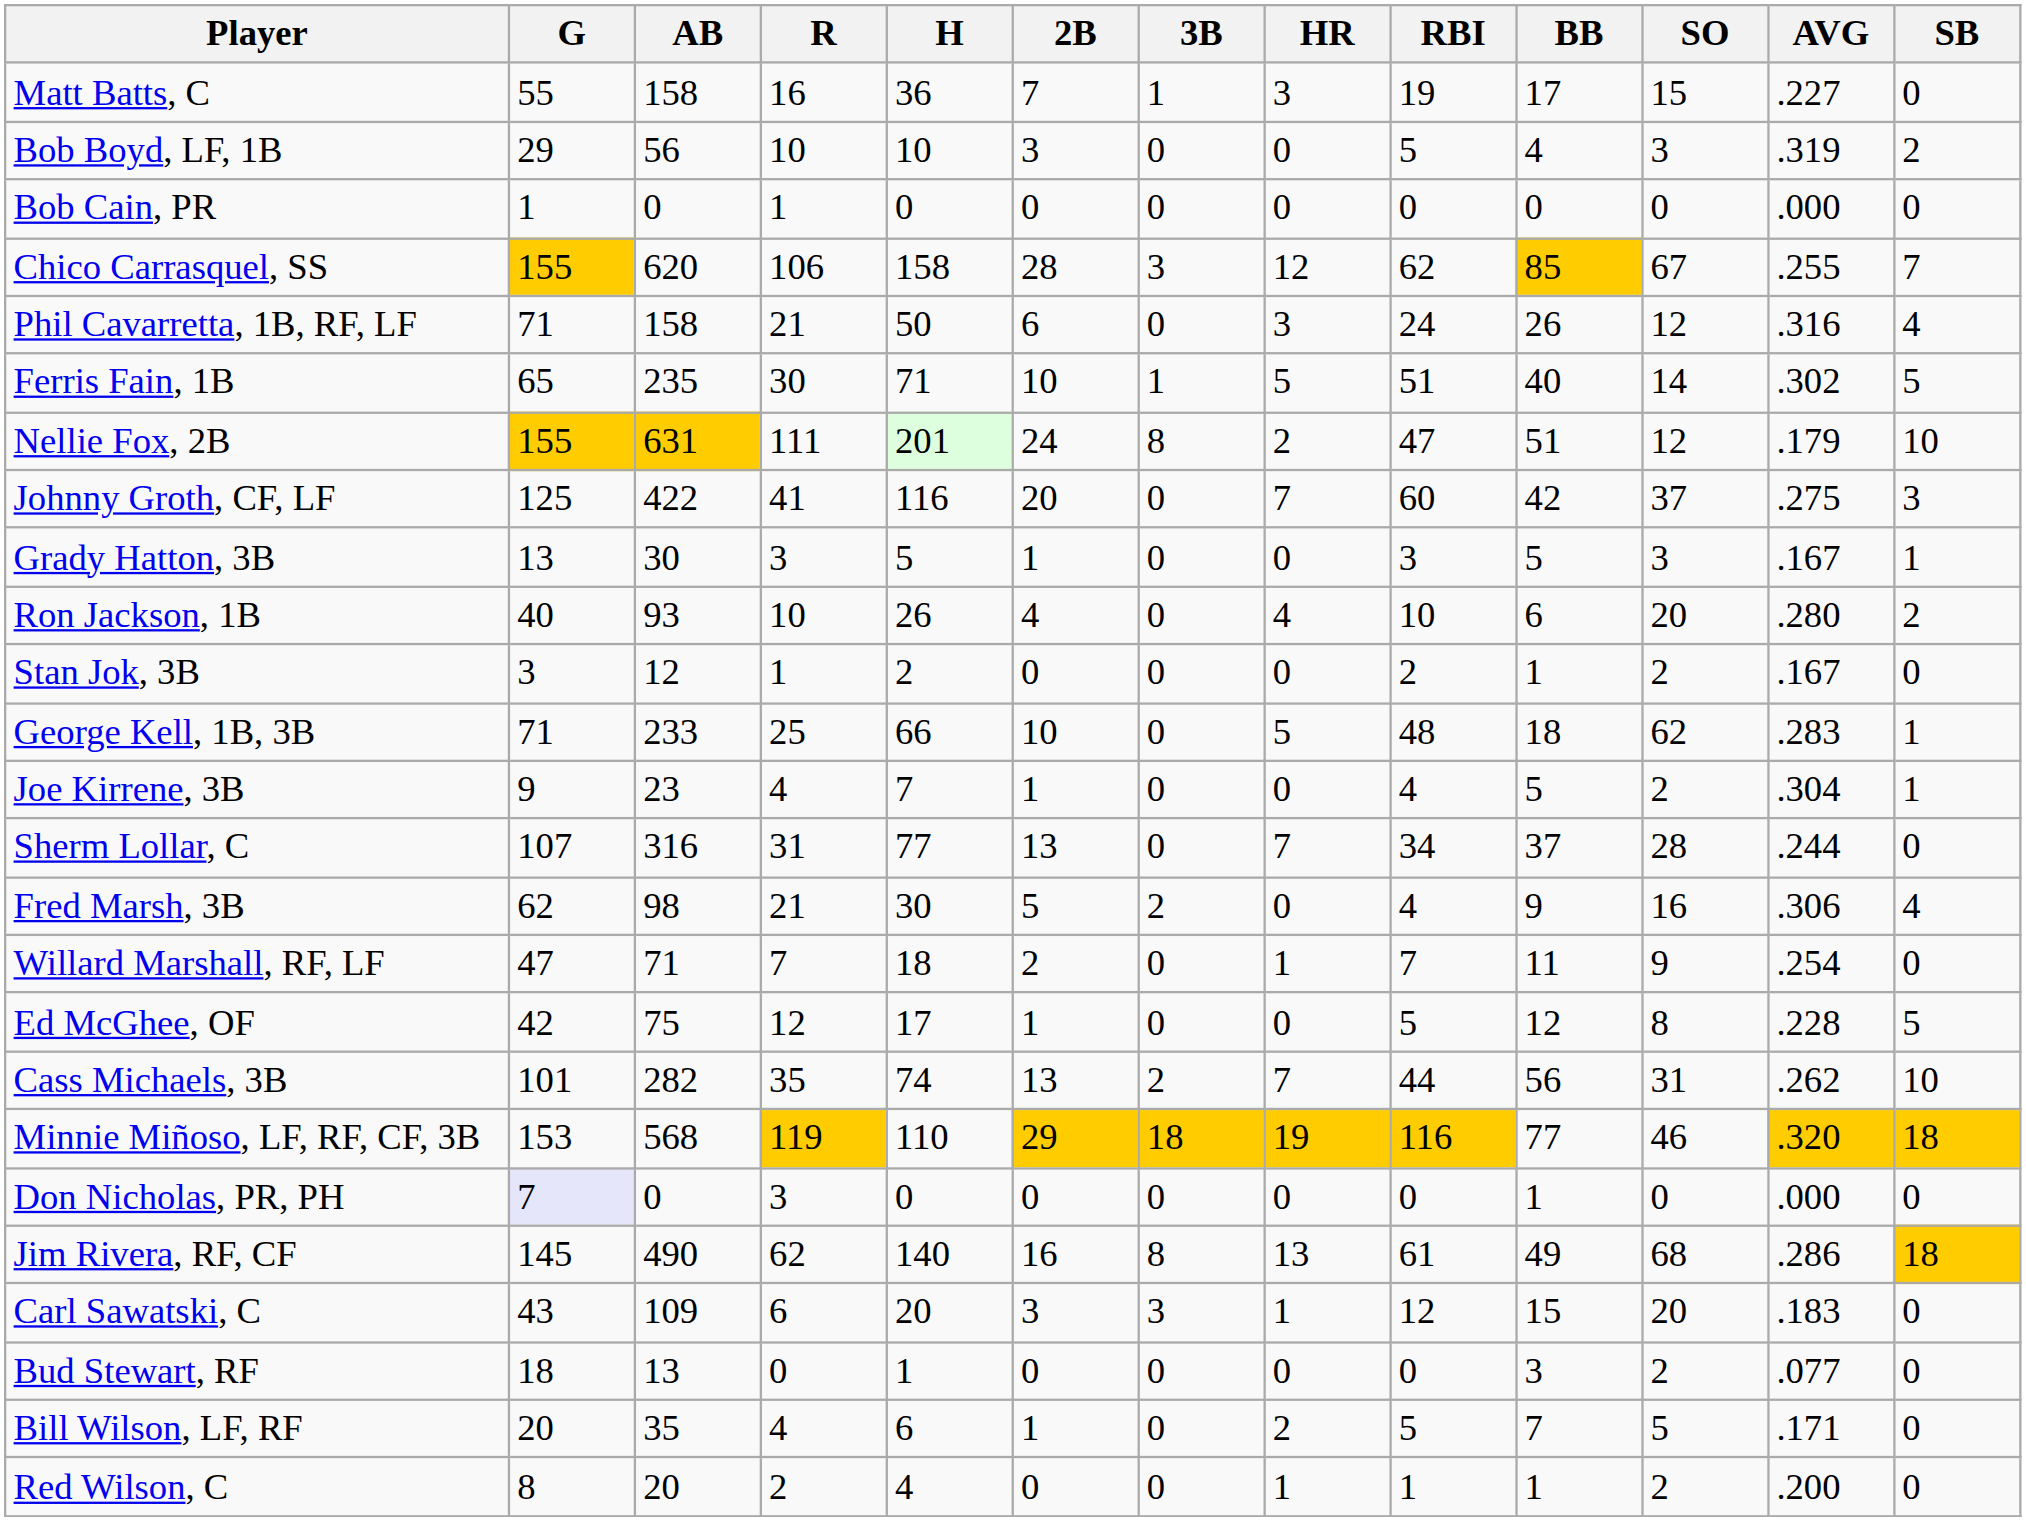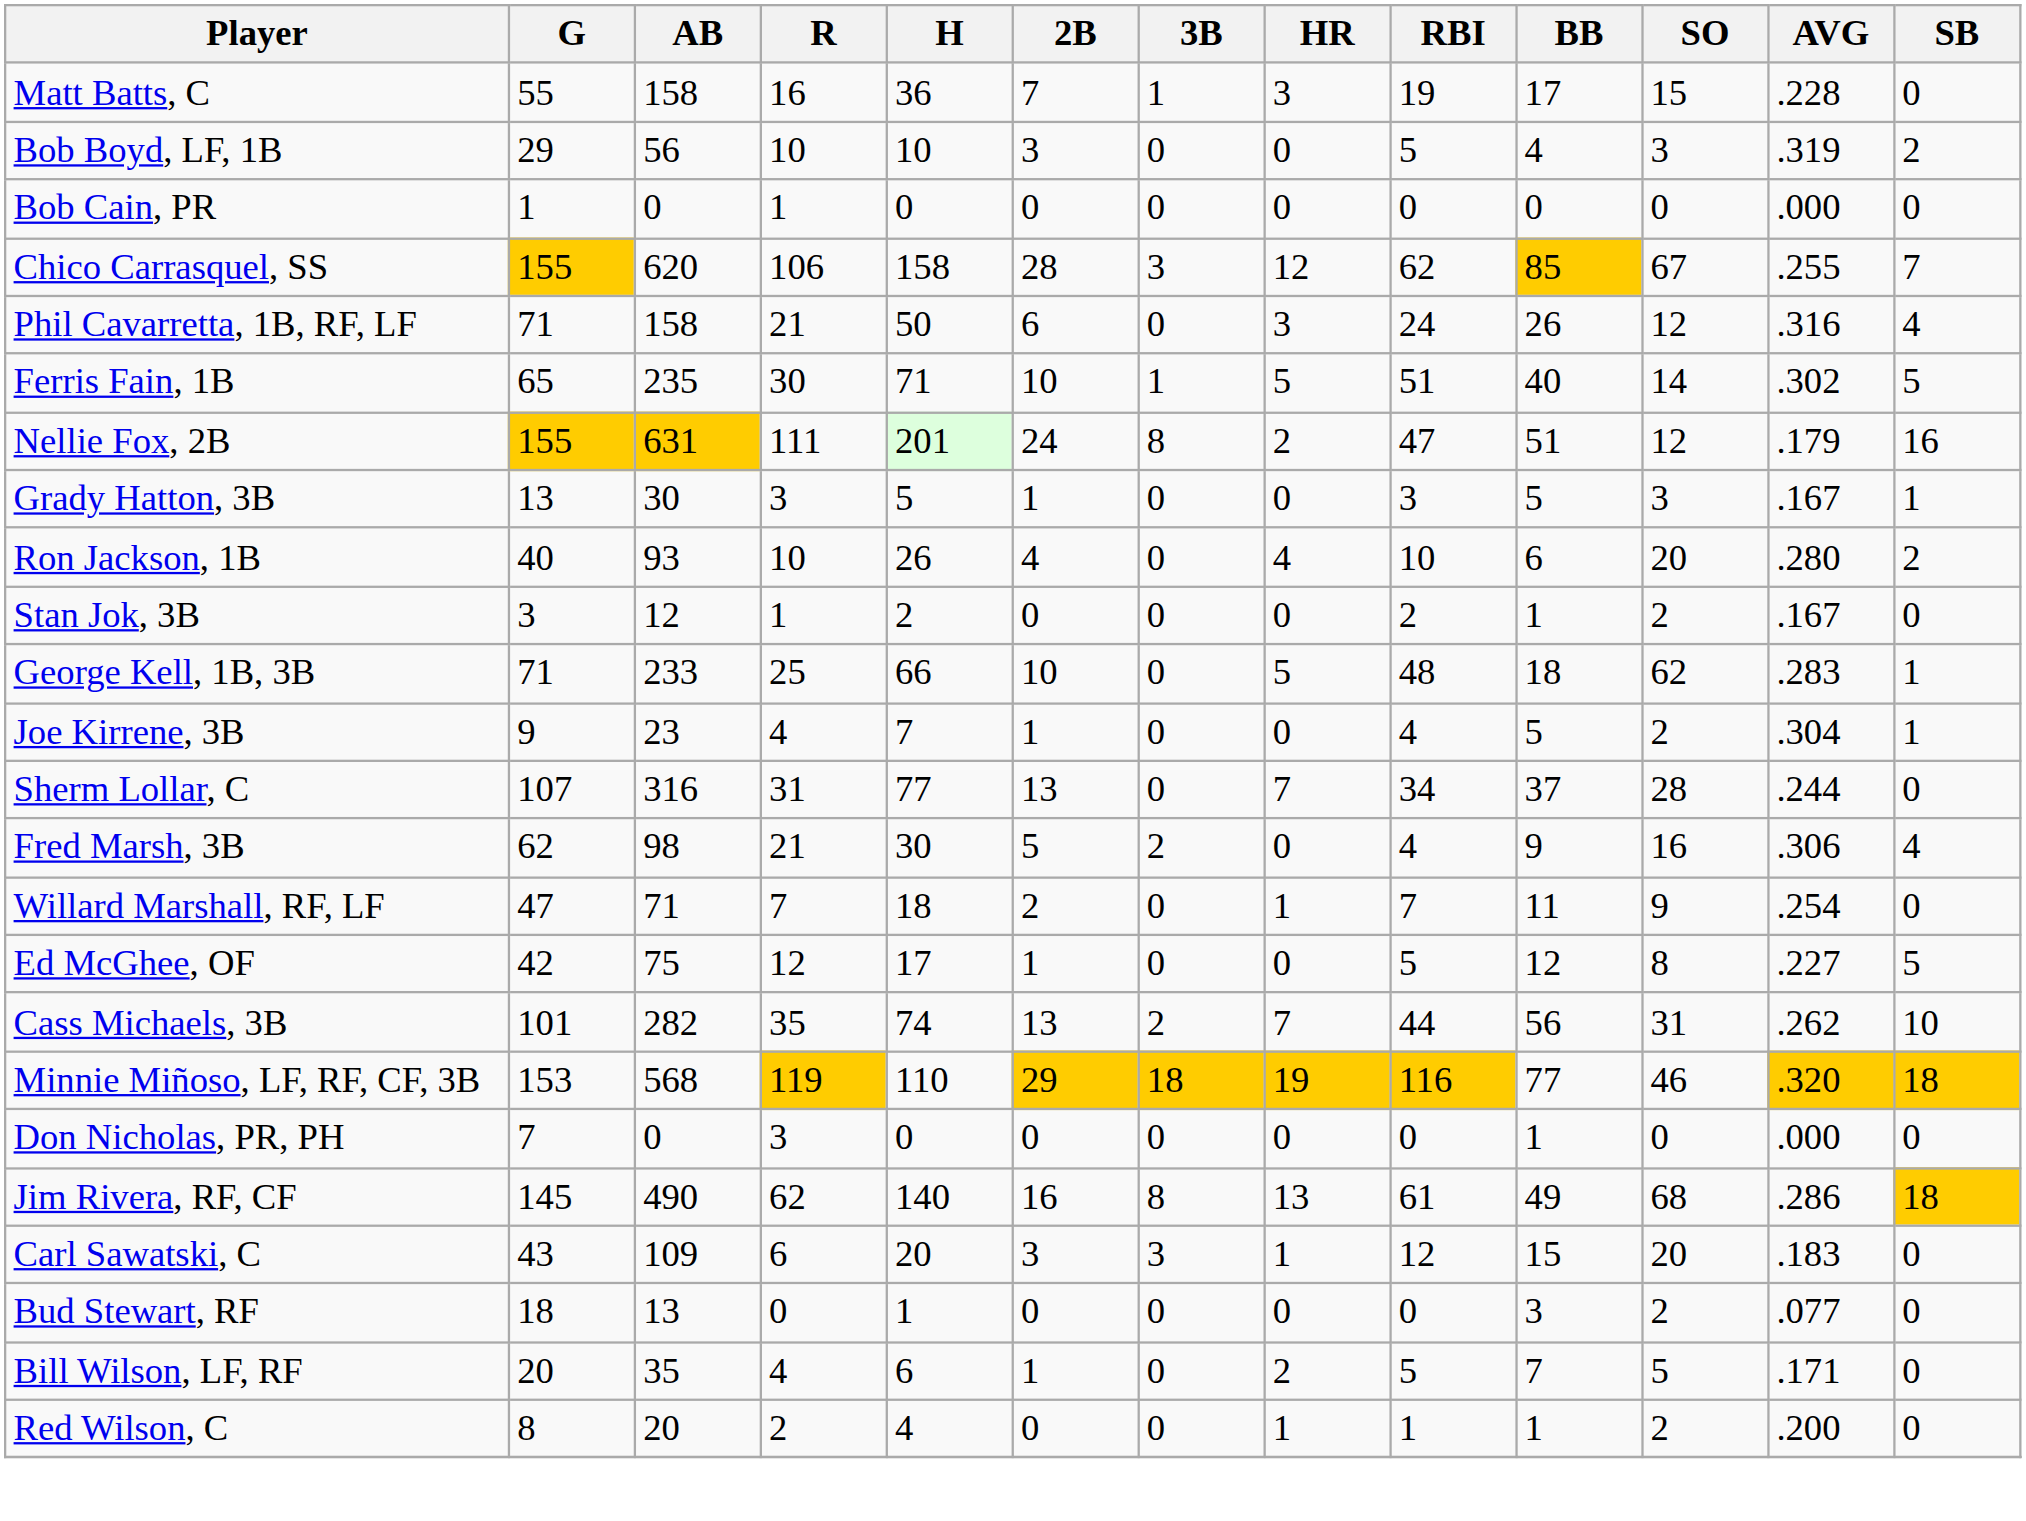 <table class="wikitable sortable">
 <tr>
 <th width="24%">Player</th>
 <th width="6%">G</th>
 <th width="6%">AB</th>
 <th width="6%">R</th>
 <th width="6%">H</th>
 <th width="6%">2B</th>
 <th width="6%">3B</th>
 <th width="6%">HR</th>
 <th width="6%">RBI</th>
 <th width="6%">BB</th>
 <th width="6%">SO</th>
 <th width="6%">AVG</th>
 <th width="6%">SB</th>
 </tr>
 <tr>
 <td><a href='#'>Matt Batts</a>, C</td>
 <td>55</td>
 <td>158</td>
 <td>16</td>
 <td>36</td>
 <td>7</td>
 <td>1</td>
 <td>3</td>
 <td>19</td>
 <td>17</td>
 <td>15</td>
-<td>.227</td>
+<td>.228</td>
 <td>0</td>
 </tr>
 <tr>
 <td><a href='#'>Bob Boyd</a>, LF, 1B</td>
 <td>29</td>
 <td>56</td>
 <td>10</td>
 <td>10</td>
 <td>3</td>
 <td>0</td>
 <td>0</td>
 <td>5</td>
 <td>4</td>
 <td>3</td>
 <td>.319</td>
 <td>2</td>
 </tr>
 <tr>
 <td><a href='#'>Bob Cain</a>, PR</td>
 <td>1</td>
 <td>0</td>
 <td>1</td>
 <td>0</td>
 <td>0</td>
 <td>0</td>
 <td>0</td>
 <td>0</td>
 <td>0</td>
 <td>0</td>
 <td>.000</td>
 <td>0</td>
 </tr>
 <tr>
 <td><a href='#'>Chico Carrasquel</a>, SS</td>
 <td style="background:#fc0;">155</td>
 <td>620</td>
 <td>106</td>
 <td>158</td>
 <td>28</td>
 <td>3</td>
 <td>12</td>
 <td>62</td>
 <td style="background:#fc0;">85</td>
 <td>67</td>
 <td>.255</td>
 <td>7</td>
 </tr>
 <tr>
 <td><a href='#'>Phil Cavarretta</a>, 1B, RF, LF</td>
 <td>71</td>
 <td>158</td>
 <td>21</td>
 <td>50</td>
 <td>6</td>
 <td>0</td>
 <td>3</td>
 <td>24</td>
 <td>26</td>
 <td>12</td>
 <td>.316</td>
 <td>4</td>
 </tr>
 <tr>
 <td><a href='#'>Ferris Fain</a>, 1B</td>
 <td>65</td>
 <td>235</td>
 <td>30</td>
 <td>71</td>
 <td>10</td>
 <td>1</td>
 <td>5</td>
 <td>51</td>
 <td>40</td>
 <td>14</td>
 <td>.302</td>
 <td>5</td>
 </tr>
 <tr>
 <td><a href='#'>Nellie Fox</a>, 2B</td>
 <td style="background:#fc0;">155</td>
 <td style="background:#fc0;">631</td>
 <td>111</td>
 <td style="background:#DDFFDD;">201</td>
 <td>24</td>
 <td>8</td>
 <td>2</td>
 <td>47</td>
 <td>51</td>
 <td>12</td>
 <td>.179</td>
-<td>10</td>
-</tr>
-<tr>
-<td><a href='#'>Johnny Groth</a>, CF, LF</td>
-<td>125</td>
-<td>422</td>
-<td>41</td>
-<td>116</td>
-<td>20</td>
-<td>0</td>
-<td>7</td>
-<td>60</td>
-<td>42</td>
-<td>37</td>
-<td>.275</td>
-<td>3</td>
+<td>16</td>
 </tr>
 <tr>
 <td><a href='#'>Grady Hatton</a>, 3B</td>
 <td>13</td>
 <td>30</td>
 <td>3</td>
 <td>5</td>
 <td>1</td>
 <td>0</td>
 <td>0</td>
 <td>3</td>
 <td>5</td>
 <td>3</td>
 <td>.167</td>
 <td>1</td>
 </tr>
 <tr>
 <td><a href='#'>Ron Jackson</a>, 1B</td>
 <td>40</td>
 <td>93</td>
 <td>10</td>
 <td>26</td>
 <td>4</td>
 <td>0</td>
 <td>4</td>
 <td>10</td>
 <td>6</td>
 <td>20</td>
 <td>.280</td>
 <td>2</td>
 </tr>
 <tr>
 <td><a href='#'>Stan Jok</a>, 3B</td>
 <td>3</td>
 <td>12</td>
 <td>1</td>
 <td>2</td>
 <td>0</td>
 <td>0</td>
 <td>0</td>
 <td>2</td>
 <td>1</td>
 <td>2</td>
 <td>.167</td>
 <td>0</td>
 </tr>
 <tr>
 <td><a href='#'>George Kell</a>, 1B, 3B</td>
 <td>71</td>
 <td>233</td>
 <td>25</td>
 <td>66</td>
 <td>10</td>
 <td>0</td>
 <td>5</td>
 <td>48</td>
 <td>18</td>
 <td>62</td>
 <td>.283</td>
 <td>1</td>
 </tr>
 <tr>
 <td><a href='#'>Joe Kirrene</a>, 3B</td>
 <td>9</td>
 <td>23</td>
 <td>4</td>
 <td>7</td>
 <td>1</td>
 <td>0</td>
 <td>0</td>
 <td>4</td>
 <td>5</td>
 <td>2</td>
 <td>.304</td>
 <td>1</td>
 </tr>
 <tr>
 <td><a href='#'>Sherm Lollar</a>, C</td>
 <td>107</td>
 <td>316</td>
 <td>31</td>
 <td>77</td>
 <td>13</td>
 <td>0</td>
 <td>7</td>
 <td>34</td>
 <td>37</td>
 <td>28</td>
 <td>.244</td>
 <td>0</td>
 </tr>
 <tr>
 <td><a href='#'>Fred Marsh</a>, 3B</td>
 <td>62</td>
 <td>98</td>
 <td>21</td>
 <td>30</td>
 <td>5</td>
 <td>2</td>
 <td>0</td>
 <td>4</td>
 <td>9</td>
 <td>16</td>
 <td>.306</td>
 <td>4</td>
 </tr>
 <tr>
 <td><a href='#'>Willard Marshall</a>, RF, LF</td>
 <td>47</td>
 <td>71</td>
 <td>7</td>
 <td>18</td>
 <td>2</td>
 <td>0</td>
 <td>1</td>
 <td>7</td>
 <td>11</td>
 <td>9</td>
 <td>.254</td>
 <td>0</td>
 </tr>
 <tr>
 <td><a href='#'>Ed McGhee</a>, OF</td>
 <td>42</td>
 <td>75</td>
 <td>12</td>
 <td>17</td>
 <td>1</td>
 <td>0</td>
 <td>0</td>
 <td>5</td>
 <td>12</td>
 <td>8</td>
-<td>.228</td>
+<td>.227</td>
 <td>5</td>
 </tr>
 <tr>
 <td><a href='#'>Cass Michaels</a>, 3B</td>
 <td>101</td>
 <td>282</td>
 <td>35</td>
 <td>74</td>
 <td>13</td>
 <td>2</td>
 <td>7</td>
 <td>44</td>
 <td>56</td>
 <td>31</td>
 <td>.262</td>
 <td>10</td>
 </tr>
 <tr>
 <td><a href='#'>Minnie Miñoso</a>, LF, RF, CF, 3B</td>
 <td>153</td>
 <td>568</td>
 <td style="background:#fc0;">119</td>
 <td>110</td>
 <td style="background:#fc0;">29</td>
 <td style="background:#fc0;">18</td>
 <td style="background:#fc0;">19</td>
 <td style="background:#fc0;">116</td>
 <td>77</td>
 <td>46</td>
 <td style="background:#fc0;">.320</td>
 <td style="background:#fc0;">18</td>
 </tr>
 <tr>
 <td><a href='#'>Don Nicholas</a>, PR, PH</td>
-<td style="background: lavender;">7</td>
+<td>7</td>
 <td>0</td>
 <td>3</td>
 <td>0</td>
 <td>0</td>
 <td>0</td>
 <td>0</td>
 <td>0</td>
 <td>1</td>
 <td>0</td>
 <td>.000</td>
 <td>0</td>
 </tr>
 <tr>
 <td><a href='#'>Jim Rivera</a>, RF, CF</td>
 <td>145</td>
 <td>490</td>
 <td>62</td>
 <td>140</td>
 <td>16</td>
 <td>8</td>
 <td>13</td>
 <td>61</td>
 <td>49</td>
 <td>68</td>
 <td>.286</td>
 <td style="background:#fc0;">18</td>
 </tr>
 <tr>
 <td><a href='#'>Carl Sawatski</a>, C</td>
 <td>43</td>
 <td>109</td>
 <td>6</td>
 <td>20</td>
 <td>3</td>
 <td>3</td>
 <td>1</td>
 <td>12</td>
 <td>15</td>
 <td>20</td>
 <td>.183</td>
 <td>0</td>
 </tr>
 <tr>
 <td><a href='#'>Bud Stewart</a>, RF</td>
 <td>18</td>
 <td>13</td>
 <td>0</td>
 <td>1</td>
 <td>0</td>
 <td>0</td>
 <td>0</td>
 <td>0</td>
 <td>3</td>
 <td>2</td>
 <td>.077</td>
 <td>0</td>
 </tr>
 <tr>
 <td><a href='#'>Bill Wilson</a>, LF, RF</td>
 <td>20</td>
 <td>35</td>
 <td>4</td>
 <td>6</td>
 <td>1</td>
 <td>0</td>
 <td>2</td>
 <td>5</td>
 <td>7</td>
 <td>5</td>
 <td>.171</td>
 <td>0</td>
 </tr>
 <tr>
 <td><a href='#'>Red Wilson</a>, C</td>
 <td>8</td>
 <td>20</td>
 <td>2</td>
 <td>4</td>
 <td>0</td>
 <td>0</td>
 <td>1</td>
 <td>1</td>
 <td>1</td>
 <td>2</td>
 <td>.200</td>
 <td>0</td>
 </tr>
 <tr>
 </tr>
 </table>
